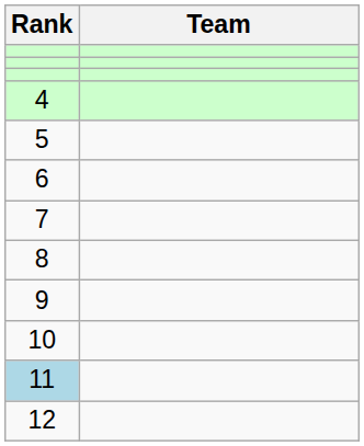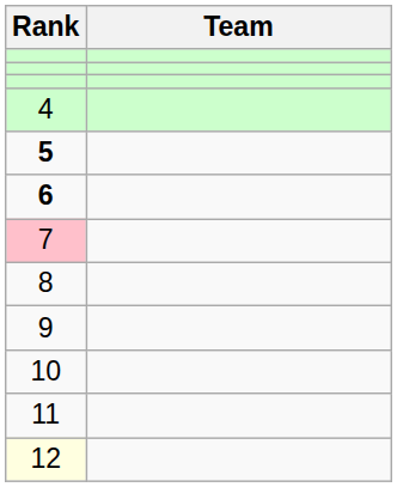 <table class="wikitable">
 <tr>
 <th>Rank</th>
 <th width=170>Team</th>
 </tr>
 <tr bgcolor=ccffcc>
 <td align=center></td>
 <td></td>
 </tr>
 <tr bgcolor=ccffcc>
 <td align=center></td>
 <td></td>
 </tr>
 <tr bgcolor=ccffcc>
 <td align=center></td>
 <td></td>
 </tr>
 <tr bgcolor=ccffcc>
 <td align=center>4</td>
 <td></td>
 </tr>
 <tr>
-<td align=center>5</td>
+<td align=center><strong>5</strong></td>
 <td></td>
 </tr>
 <tr>
-<td align=center>6</td>
+<td align=center><strong>6</strong></td>
 <td></td>
 </tr>
 <tr>
-<td align=center>7</td>
+<td align=center style="background: pink;">7</td>
 <td></td>
 </tr>
 <tr>
 <td align=center>8</td>
 <td></td>
 </tr>
 <tr>
 <td align=center>9</td>
 <td></td>
 </tr>
 <tr>
 <td align=center>10</td>
 <td></td>
 </tr>
 <tr>
-<td align=center style="background: lightblue;">11</td>
+<td align=center>11</td>
 <td></td>
 </tr>
 <tr>
-<td align=center>12</td>
+<td align=center style="background: lightyellow;">12</td>
 <td></td>
 </tr>
 </table>
